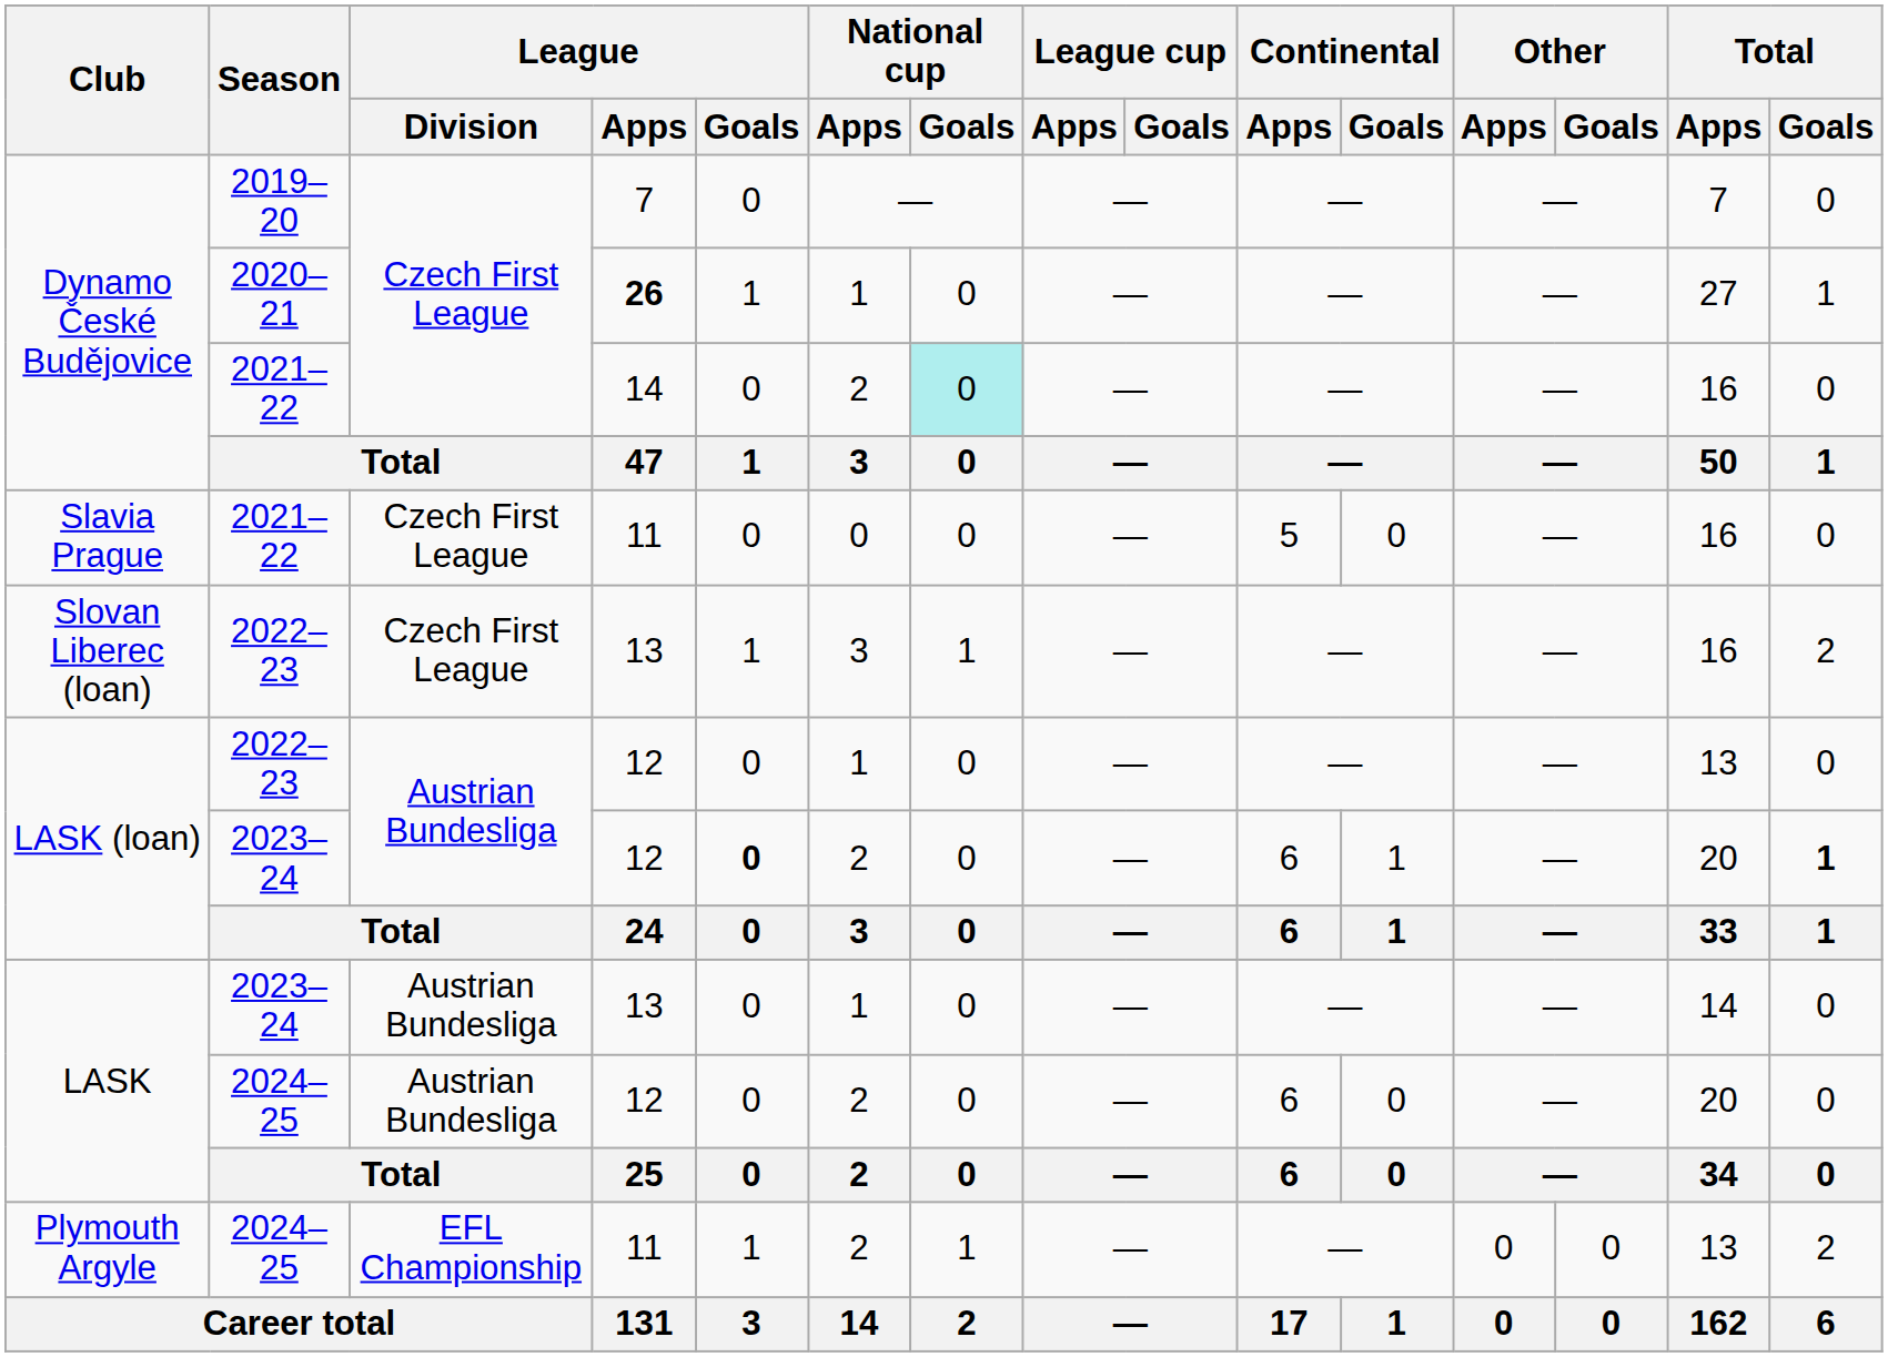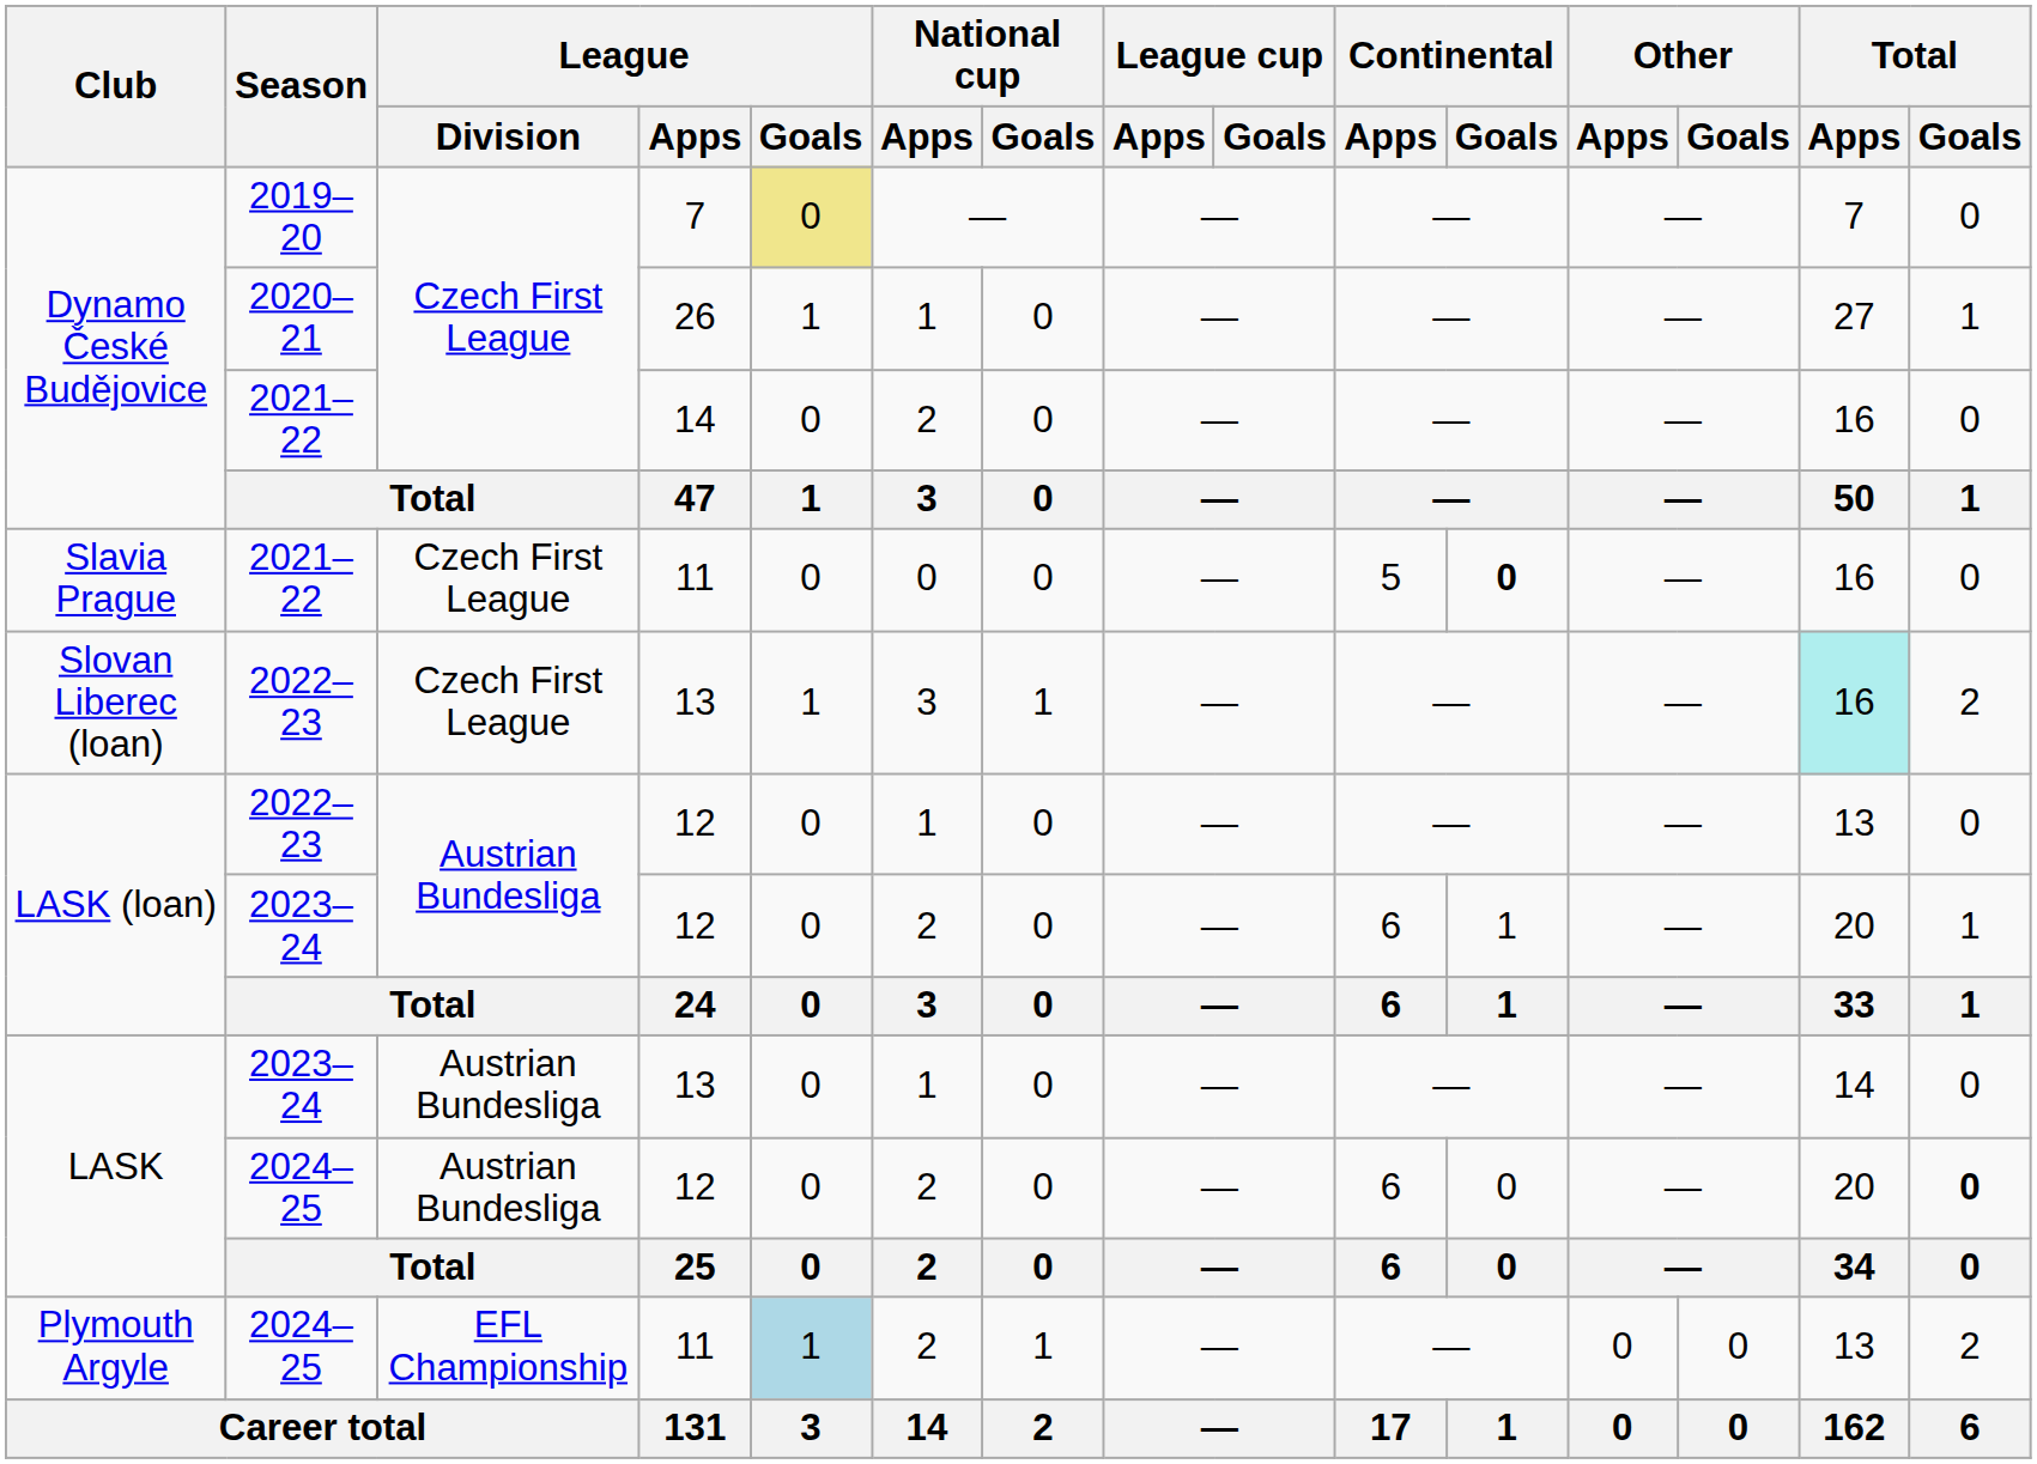 <table class="wikitable" style="text-align:center">
 <tr>
 <th rowspan="2">Club</th>
 <th rowspan="2">Season</th>
 <th colspan="3">League</th>
 <th colspan="2">National cup</th>
 <th colspan="2">League cup</th>
 <th colspan="2">Continental</th>
 <th colspan="2">Other</th>
 <th colspan="2">Total</th>
 </tr>
 <tr>
 <th>Division</th>
 <th>Apps</th>
 <th>Goals</th>
 <th>Apps</th>
 <th>Goals</th>
 <th>Apps</th>
 <th>Goals</th>
 <th>Apps</th>
 <th>Goals</th>
 <th>Apps</th>
 <th>Goals</th>
 <th>Apps</th>
 <th>Goals</th>
 </tr>
 <tr>
 <td rowspan="4"><a href='#'>Dynamo České Budějovice</a></td>
 <td><a href='#'>2019–20</a></td>
 <td rowspan="3"><a href='#'>Czech First League</a></td>
 <td>7</td>
-<td>0</td>
+<td style="background: khaki;">0</td>
 <td colspan="2">—</td>
 <td colspan="2">—</td>
 <td colspan="2">—</td>
 <td colspan="2">—</td>
 <td>7</td>
 <td>0</td>
 </tr>
 <tr>
 <td><a href='#'>2020–21</a></td>
-<td><strong>26</strong></td>
+<td>26</td>
 <td>1</td>
 <td>1</td>
 <td>0</td>
 <td colspan="2">—</td>
 <td colspan="2">—</td>
 <td colspan="2">—</td>
 <td>27</td>
 <td>1</td>
 </tr>
 <tr>
 <td><a href='#'>2021–22</a></td>
 <td>14</td>
 <td>0</td>
 <td>2</td>
-<td style="background: paleturquoise;">0</td>
+<td>0</td>
 <td colspan="2">—</td>
 <td colspan="2">—</td>
 <td colspan="2">—</td>
 <td>16</td>
 <td>0</td>
 </tr>
 <tr>
 <th colspan="2">Total</th>
 <th>47</th>
 <th>1</th>
 <th>3</th>
 <th>0</th>
 <th colspan="2">—</th>
 <th colspan="2">—</th>
 <th colspan="2">—</th>
 <th>50</th>
 <th>1</th>
 </tr>
 <tr>
 <td><a href='#'>Slavia Prague</a></td>
 <td><a href='#'>2021–22</a></td>
 <td>Czech First League</td>
 <td>11</td>
 <td>0</td>
 <td>0</td>
 <td>0</td>
 <td colspan="2">—</td>
 <td>5</td>
-<td>0</td>
+<td><strong>0</strong></td>
 <td colspan="2">—</td>
 <td>16</td>
 <td>0</td>
 </tr>
 <tr>
 <td><a href='#'>Slovan Liberec</a> (loan)</td>
 <td><a href='#'>2022–23</a></td>
 <td>Czech First League</td>
 <td>13</td>
 <td>1</td>
 <td>3</td>
 <td>1</td>
 <td colspan="2">—</td>
 <td colspan="2">—</td>
 <td colspan="2">—</td>
-<td>16</td>
+<td style="background: paleturquoise;">16</td>
 <td>2</td>
 </tr>
 <tr>
 <td rowspan="3"><a href='#'>LASK</a> (loan)</td>
 <td><a href='#'>2022–23</a></td>
 <td rowspan="2"><a href='#'>Austrian Bundesliga</a></td>
 <td>12</td>
 <td>0</td>
 <td>1</td>
 <td>0</td>
 <td colspan="2">—</td>
 <td colspan="2">—</td>
 <td colspan="2">—</td>
 <td>13</td>
 <td>0</td>
 </tr>
 <tr>
 <td><a href='#'>2023–24</a></td>
 <td>12</td>
-<td><strong>0</strong></td>
+<td>0</td>
 <td>2</td>
 <td>0</td>
 <td colspan="2">—</td>
 <td>6</td>
 <td>1</td>
 <td colspan="2">—</td>
 <td>20</td>
-<td><strong>1</strong></td>
+<td>1</td>
 </tr>
 <tr>
 <th colspan="2">Total</th>
 <th>24</th>
 <th>0</th>
 <th>3</th>
 <th>0</th>
 <th colspan="2">—</th>
 <th>6</th>
 <th>1</th>
 <th colspan="2">—</th>
 <th>33</th>
 <th>1</th>
 </tr>
 <tr>
 <td rowspan="3">LASK</td>
 <td><a href='#'>2023–24</a></td>
 <td>Austrian Bundesliga</td>
 <td>13</td>
 <td>0</td>
 <td>1</td>
 <td>0</td>
 <td colspan="2">—</td>
 <td colspan="2">—</td>
 <td colspan="2">—</td>
 <td>14</td>
 <td>0</td>
 </tr>
 <tr>
 <td><a href='#'>2024–25</a></td>
 <td>Austrian Bundesliga</td>
 <td>12</td>
 <td>0</td>
 <td>2</td>
 <td>0</td>
 <td colspan="2">—</td>
 <td>6</td>
 <td>0</td>
 <td colspan="2">—</td>
 <td>20</td>
-<td>0</td>
+<td><strong>0</strong></td>
 </tr>
 <tr>
 <th colspan="2">Total</th>
 <th>25</th>
 <th>0</th>
 <th>2</th>
 <th>0</th>
 <th colspan="2">—</th>
 <th>6</th>
 <th>0</th>
 <th colspan="2">—</th>
 <th>34</th>
 <th>0</th>
 </tr>
 <tr>
 <td rowspan="1"><a href='#'>Plymouth Argyle</a></td>
 <td><a href='#'>2024–25</a></td>
 <td><a href='#'>EFL Championship</a></td>
 <td>11</td>
-<td>1</td>
+<td style="background: lightblue;">1</td>
 <td>2</td>
 <td>1</td>
 <td colspan="2">—</td>
 <td colspan="2">—</td>
 <td>0</td>
 <td>0</td>
 <td>13</td>
 <td>2</td>
 </tr>
 <tr>
 <th colspan="3">Career total</th>
 <th>131</th>
 <th>3</th>
 <th>14</th>
 <th>2</th>
 <th colspan="2">—</th>
 <th>17</th>
 <th>1</th>
 <th>0</th>
 <th>0</th>
 <th>162</th>
 <th>6</th>
 </tr>
 </table>
